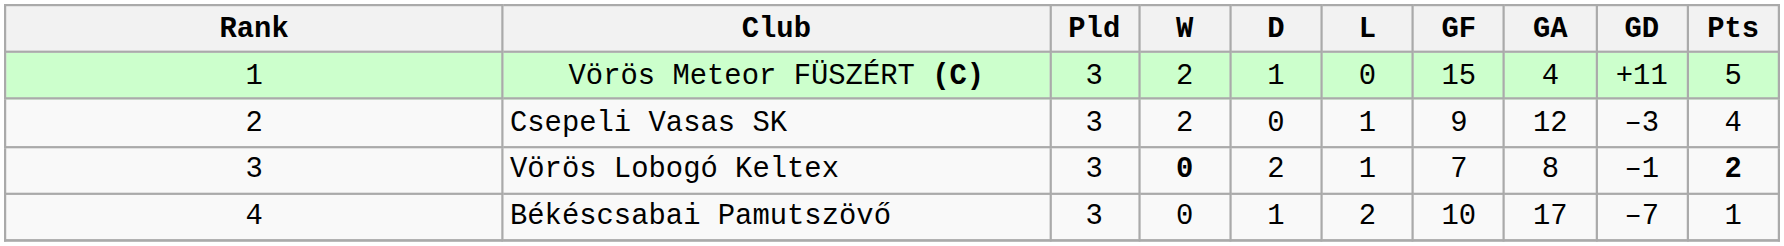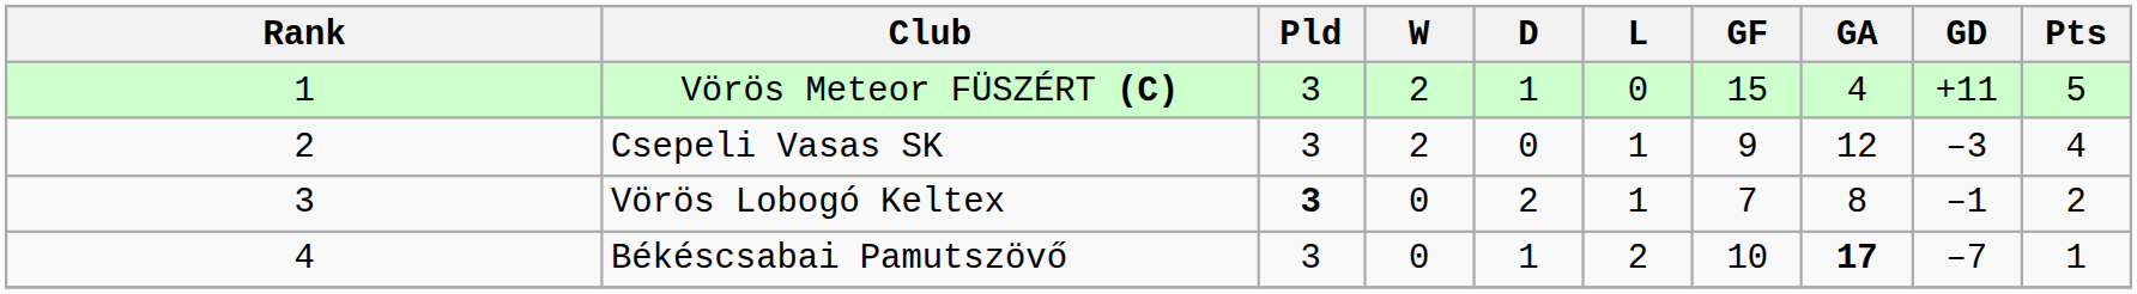 <table class="wikitable" style="text-align:center"width="800">
 <tr>
 <th>Rank</th>
 <th>Club</th>
 <th>Pld</th>
 <th>W</th>
 <th>D</th>
 <th>L</th>
 <th>GF</th>
 <th>GA</th>
 <th>GD</th>
 <th>Pts</th>
 </tr>
 <tr>
 <td align="center" bgcolor=#ccffcc>1</td>
 <td width="240" bgcolor=#ccffcc>Vörös Meteor FÜSZÉRT <strong>(C)</strong></td>
 <td width="34" align="center" bgcolor=#ccffcc>3</td>
 <td width="35" align="center" bgcolor=#ccffcc>2</td>
 <td width="35" align="center" bgcolor=#ccffcc>1</td>
 <td width="35" align="center" bgcolor=#ccffcc>0</td>
 <td width="35" align="center" bgcolor=#ccffcc>15</td>
 <td width="35" align="center" bgcolor=#ccffcc>4</td>
 <td width="35" align="center" bgcolor=#ccffcc>+11</td>
 <td width="35" align="center" bgcolor=#ccffcc>5</td>
 </tr>
 <tr>
 <td align="center" bgcolor=>2</td>
 <td align="left" bgcolor=>Csepeli Vasas SK</td>
 <td align="center" bgcolor=>3</td>
 <td align="center" bgcolor=>2</td>
 <td align="center" bgcolor=>0</td>
 <td align="center" bgcolor=>1</td>
 <td align="center" bgcolor=>9</td>
 <td align="center" bgcolor=>12</td>
 <td align="center" bgcolor=>–3</td>
 <td align="center" bgcolor=>4</td>
 </tr>
 <tr>
 <td align="center" bgcolor=>3</td>
 <td align="left" bgcolor=>Vörös Lobogó Keltex</td>
-<td align="center" bgcolor=>3</td>
-<td align="center" bgcolor=><strong>0</strong></td>
+<td align="center" bgcolor=><strong>3</strong></td>
+<td align="center" bgcolor=>0</td>
 <td align="center" bgcolor=>2</td>
 <td align="center" bgcolor=>1</td>
 <td align="center" bgcolor=>7</td>
 <td align="center" bgcolor=>8</td>
 <td align="center" bgcolor=>–1</td>
-<td align="center" bgcolor=><strong>2</strong></td>
+<td align="center" bgcolor=>2</td>
 </tr>
 <tr>
 <td align="center" bgcolor=>4</td>
 <td align="left" bgcolor=>Békéscsabai Pamutszövő</td>
 <td align="center" bgcolor=>3</td>
 <td align="center" bgcolor=>0</td>
 <td align="center" bgcolor=>1</td>
 <td align="center" bgcolor=>2</td>
 <td align="center" bgcolor=>10</td>
-<td align="center" bgcolor=>17</td>
+<td align="center" bgcolor=><strong>17</strong></td>
 <td align="center" bgcolor=>–7</td>
 <td align="center" bgcolor=>1</td>
 </tr>
 <tr>
 </tr>
 </table>
